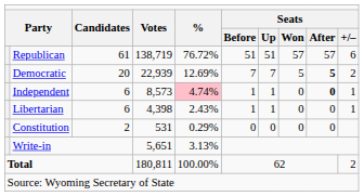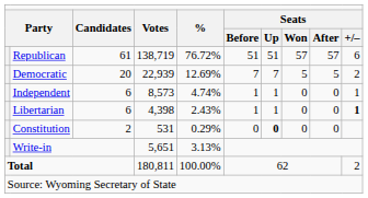 <table class="wikitable">
 <tr>
 <td colspan=15 align=center></td>
 </tr>
 <tr>
 <th rowspan="2" colspan="2">Party</th>
 <th rowspan="2">Candidates</th>
 <th rowspan="2">Votes</th>
 <th rowspan="2">%</th>
 <th colspan="5">Seats</th>
 </tr>
 <tr>
 <th>Before</th>
 <th>Up</th>
 <th>Won</th>
 <th>After</th>
 <th>+/–</th>
 </tr>
 <tr>
 <th style="background-color:"></th>
 <td><a href='#'>Republican</a></td>
 <td align="right">61</td>
 <td align="right">138,719</td>
 <td align="right">76.72%</td>
 <td align="right">51</td>
 <td align="right">51</td>
 <td align="right">57</td>
 <td align="right">57</td>
 <td align="right"> 6</td>
 </tr>
 <tr>
 <th style="background-color:"></th>
 <td><a href='#'>Democratic</a></td>
 <td align="right">20</td>
 <td align="right">22,939</td>
 <td align="right">12.69%</td>
 <td align="right">7</td>
 <td align="right">7</td>
 <td align="right">5</td>
-<td align="right"><strong>5</strong></td>
+<td align="right">5</td>
 <td align="right"> 2</td>
 </tr>
 <tr>
 <th style="background-color:"></th>
 <td><a href='#'>Independent</a></td>
 <td align="right">6</td>
 <td align="right">8,573</td>
-<td align="right" style="background: pink;">4.74%</td>
+<td align="right">4.74%</td>
 <td align="right">1</td>
 <td align="right">1</td>
 <td align="right">0</td>
-<td align="right"><strong>0</strong></td>
+<td align="right">0</td>
 <td align="right"> 1</td>
 </tr>
 <tr>
 <th style="background-color:"></th>
 <td><a href='#'>Libertarian</a></td>
 <td align="right">6</td>
 <td align="right">4,398</td>
 <td align="right">2.43%</td>
 <td align="right">1</td>
 <td align="right">1</td>
 <td align="right">0</td>
 <td align="right">0</td>
-<td align="right"> 1</td>
+<td align="right"><strong> 1</strong></td>
 </tr>
 <tr>
 <th style="background-color:"></th>
 <td><a href='#'>Constitution</a></td>
 <td align="right">2</td>
 <td align="right">531</td>
 <td align="right">0.29%</td>
 <td align="right">0</td>
-<td align="right">0</td>
+<td align="right"><strong>0</strong></td>
 <td align="right">0</td>
 <td align="right">0</td>
 <td align="right"></td>
 </tr>
 <tr>
 <th></th>
 <td colspan="2"><a href='#'>Write-in</a></td>
 <td align="right">5,651</td>
 <td align="right">3.13%</td>
 <td colspan="5" align="right"></td>
 </tr>
 <tr>
 <td colspan="3" align="left"><strong>Total</strong></td>
 <td align="right">180,811</td>
 <td align="right">100.00%</td>
 <td colspan="4" align="center">62</td>
 <td align="right"> 2</td>
 </tr>
 <tr>
 <td colspan="10">Source: Wyoming Secretary of State</td>
 </tr>
 </table>
